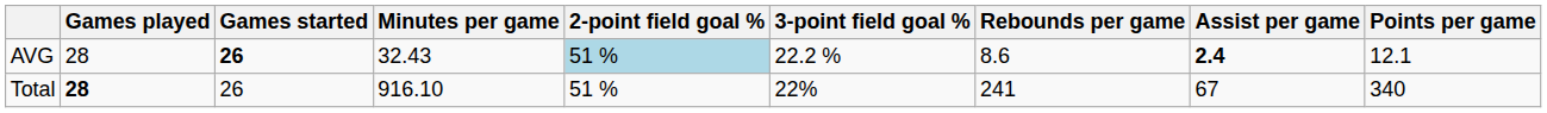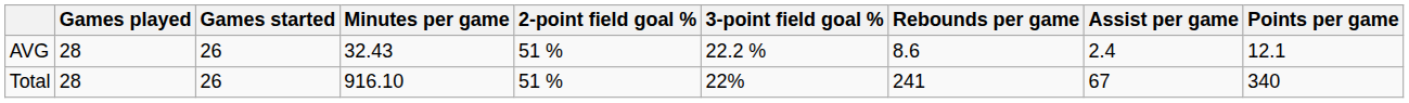 <table class="wikitable">
 <tr>
 <th></th>
 <th>Games played</th>
 <th>Games started</th>
 <th>Minutes per game</th>
 <th>2-point field goal %</th>
 <th>3-point field goal %</th>
 <th>Rebounds per game</th>
 <th>Assist per game</th>
 <th>Points per game</th>
 </tr>
 <tr>
 <td>AVG</td>
 <td>28</td>
-<td><strong>26</strong></td>
+<td>26</td>
 <td>32.43</td>
-<td style="background: lightblue;">51 %</td>
+<td>51 %</td>
 <td>22.2 %</td>
 <td>8.6</td>
-<td><strong>2.4</strong></td>
+<td>2.4</td>
 <td>12.1</td>
 </tr>
 <tr>
 <td>Total</td>
-<td><strong>28</strong></td>
+<td>28</td>
 <td>26</td>
 <td>916.10</td>
 <td>51 %</td>
 <td>22%</td>
 <td>241</td>
 <td>67</td>
 <td>340</td>
 </tr>
 </table>
